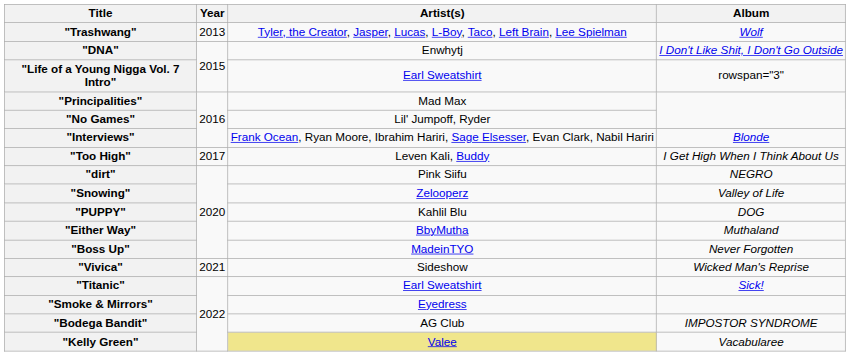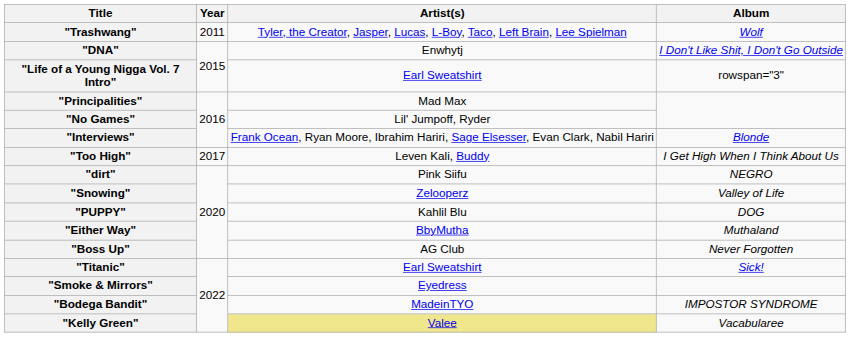 <table class="wikitable plainrowheaders" style="text-align:center;">
 <tr>
 <th scope="col" style="width:16em;">Title</th>
 <th scope="col">Year</th>
 <th scope="col">Artist(s)</th>
 <th scope="col">Album</th>
 </tr>
 <tr>
 <th scope="row">"Trashwang"</th>
-<td>2013</td>
+<td>2011</td>
 <td><a href='#'>Tyler, the Creator</a>, <a href='#'>Jasper</a>, <a href='#'>Lucas</a>, <a href='#'>L-Boy</a>, <a href='#'>Taco</a>, <a href='#'>Left Brain</a>, <a href='#'>Lee Spielman</a></td>
 <td><em><a href='#'>Wolf</a></em></td>
 </tr>
 <tr>
 <th scope="row">"DNA"</th>
 <td rowspan="2">2015</td>
 <td>Enwhytj</td>
 <td><em><a href='#'>I Don't Like Shit, I Don't Go Outside</a></em></td>
 </tr>
 <tr>
 <th scope="row">"Life of a Young Nigga Vol. 7 Intro"</th>
 <td><a href='#'>Earl Sweatshirt</a></td>
 <td>rowspan="3" </td>
 </tr>
 <tr>
 <th scope="row">"Principalities"</th>
 <td rowspan="3">2016</td>
 <td>Mad Max</td>
 </tr>
 <tr>
 <th scope="row">"No Games"</th>
 <td>Lil' Jumpoff, Ryder</td>
 </tr>
 <tr>
 <th scope="row">"Interviews"</th>
 <td><a href='#'>Frank Ocean</a>, Ryan Moore, Ibrahim Hariri, <a href='#'>Sage Elsesser</a>, Evan Clark, Nabil Hariri</td>
 <td><em><a href='#'>Blonde</a></em></td>
 </tr>
 <tr>
 <th scope="row">"Too High"</th>
 <td>2017</td>
 <td>Leven Kali, <a href='#'>Buddy</a></td>
 <td><em>I Get High When I Think About Us</em></td>
 </tr>
 <tr>
 <th scope="row">"dirt"</th>
 <td rowspan="5">2020</td>
 <td>Pink Siifu</td>
 <td><em>NEGRO</em></td>
 </tr>
 <tr>
 <th scope="row">"Snowing"</th>
 <td><a href='#'>Zelooperz</a></td>
 <td><em>Valley of Life</em></td>
 </tr>
 <tr>
 <th scope="row">"PUPPY"</th>
 <td>Kahlil Blu</td>
 <td><em>DOG</em></td>
 </tr>
 <tr>
 <th scope="row">"Either Way"</th>
 <td><a href='#'>BbyMutha</a></td>
 <td><em>Muthaland</em></td>
 </tr>
 <tr>
 <th scope="row">"Boss Up"</th>
-<td><a href='#'>MadeinTYO</a></td>
+<td>AG Club</td>
 <td><em>Never Forgotten</em></td>
-</tr>
-<tr>
-<th scope="row">"Vivica"</th>
-<td rowspan="1">2021</td>
-<td>Sideshow</td>
-<td><em>Wicked Man's Reprise</em></td>
 </tr>
 <tr>
 <th scope="row">"Titanic"</th>
 <td rowspan="4">2022</td>
 <td><a href='#'>Earl Sweatshirt</a></td>
 <td><em><a href='#'>Sick!</a></em></td>
 </tr>
 <tr>
 <th scope="row">"Smoke & Mirrors"</th>
 <td><a href='#'>Eyedress</a></td>
 <td></td>
 </tr>
 <tr>
 <th scope="row">"Bodega Bandit"</th>
-<td>AG Club</td>
+<td><a href='#'>MadeinTYO</a></td>
 <td><em>IMPOSTOR SYNDROME</em></td>
 </tr>
 <tr>
 <th scope="row">"Kelly Green"</th>
 <td style="background: khaki;"><a href='#'>Valee</a></td>
 <td><em>Vacabularee</em></td>
 </tr>
 </table>
